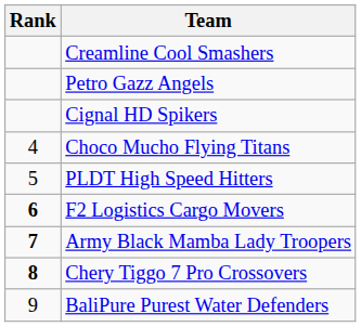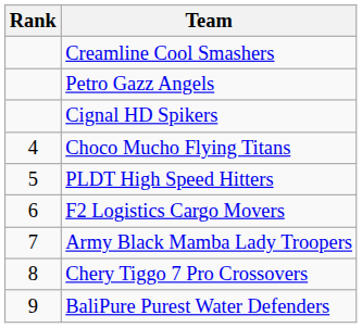 <table class="wikitable" style="text-align: center;">
 <tr>
 <th>Rank</th>
 <th>Team</th>
 </tr>
 <tr>
 <td></td>
 <td align="left"><a href='#'>Creamline Cool Smashers</a></td>
 </tr>
 <tr>
 <td></td>
 <td align="left"><a href='#'>Petro Gazz Angels</a></td>
 </tr>
 <tr>
 <td></td>
 <td align="left"><a href='#'>Cignal HD Spikers</a></td>
 </tr>
 <tr>
 <td>4</td>
 <td align="left"><a href='#'>Choco Mucho Flying Titans</a></td>
 </tr>
 <tr>
 <td>5</td>
 <td align="left"><a href='#'>PLDT High Speed Hitters</a></td>
 </tr>
 <tr>
-<td><strong>6</strong></td>
+<td>6</td>
 <td align="left"><a href='#'>F2 Logistics Cargo Movers</a></td>
 </tr>
 <tr>
-<td><strong>7</strong></td>
+<td>7</td>
 <td align="left"><a href='#'>Army Black Mamba Lady Troopers</a></td>
 </tr>
 <tr>
-<td><strong>8</strong></td>
+<td>8</td>
 <td align="left"><a href='#'>Chery Tiggo 7 Pro Crossovers</a></td>
 </tr>
 <tr>
 <td>9</td>
 <td align="left"><a href='#'>BaliPure Purest Water Defenders</a></td>
 </tr>
 </table>
